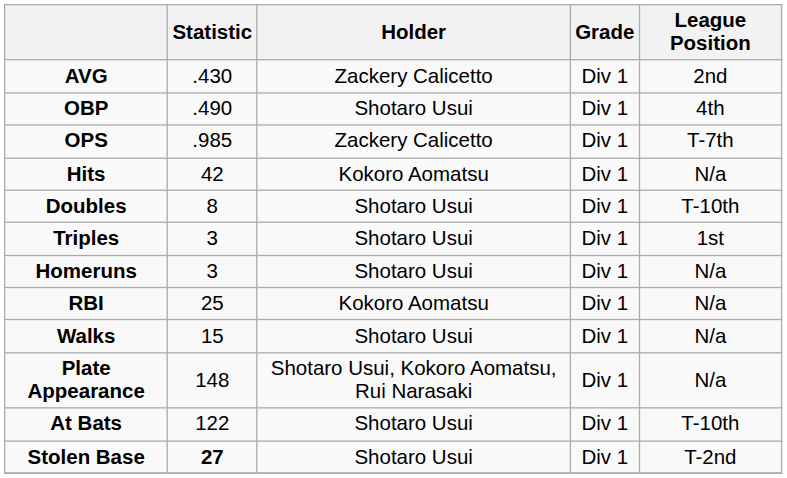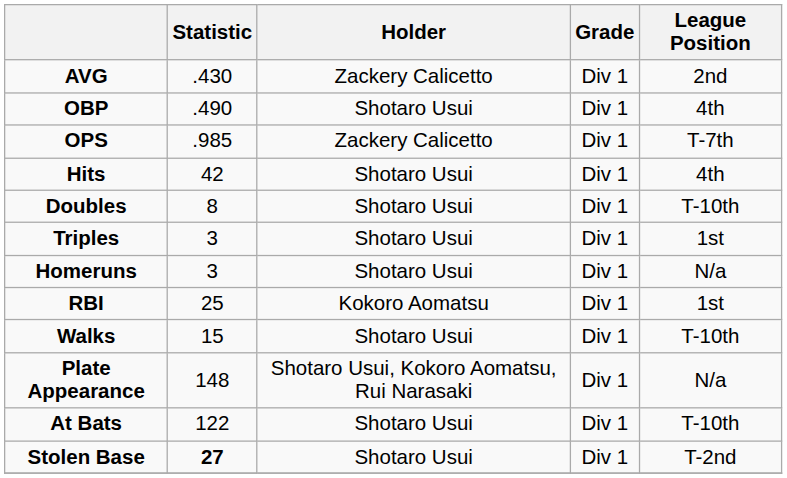 <table class="wikitable" style="text-align: center; mPERin: 0 auto;">
 <tr>
 <th></th>
 <th>Statistic</th>
 <th>Holder</th>
 <th>Grade</th>
 <th>League Position</th>
 </tr>
 <tr>
 <td><strong>AVG</strong></td>
 <td>.430</td>
 <td>Zackery Calicetto</td>
 <td>Div 1</td>
 <td>2nd</td>
 </tr>
 <tr>
 <td><strong>OBP</strong></td>
 <td>.490</td>
 <td>Shotaro Usui</td>
 <td>Div 1</td>
 <td>4th</td>
 </tr>
 <tr>
 <td><strong>OPS</strong></td>
 <td>.985</td>
 <td>Zackery Calicetto</td>
 <td>Div 1</td>
 <td>T-7th</td>
 </tr>
 <tr>
 <td><strong>Hits</strong></td>
 <td>42</td>
-<td>Kokoro Aomatsu</td>
+<td>Shotaro Usui</td>
 <td>Div 1</td>
-<td>N/a</td>
+<td>4th</td>
 </tr>
 <tr>
 <td><strong>Doubles</strong></td>
 <td>8</td>
 <td>Shotaro Usui</td>
 <td>Div 1</td>
 <td>T-10th</td>
 </tr>
 <tr>
 <td><strong>Triples</strong></td>
 <td>3</td>
 <td>Shotaro Usui</td>
 <td>Div 1</td>
 <td>1st</td>
 </tr>
 <tr>
 <td><strong>Homeruns</strong></td>
 <td>3</td>
 <td>Shotaro Usui</td>
 <td>Div 1</td>
 <td>N/a</td>
 </tr>
 <tr>
 <td><strong>RBI</strong></td>
 <td>25</td>
 <td>Kokoro Aomatsu</td>
 <td>Div 1</td>
-<td>N/a</td>
+<td>1st</td>
 </tr>
 <tr>
 <td><strong>Walks</strong></td>
 <td>15</td>
 <td>Shotaro Usui</td>
 <td>Div 1</td>
-<td>N/a</td>
+<td>T-10th</td>
 </tr>
 <tr>
 <td><strong>Plate Appearance</strong></td>
 <td>148</td>
 <td>Shotaro Usui, Kokoro Aomatsu, Rui Narasaki</td>
 <td>Div 1</td>
 <td>N/a</td>
 </tr>
 <tr>
 <td><strong>At Bats</strong></td>
 <td>122</td>
 <td>Shotaro Usui</td>
 <td>Div 1</td>
 <td>T-10th</td>
 </tr>
 <tr>
 <td><strong>Stolen Base </strong></td>
 <td><strong>27</strong></td>
 <td>Shotaro Usui</td>
 <td>Div 1</td>
 <td>T-2nd</td>
 </tr>
 <tr>
 </tr>
 </table>
